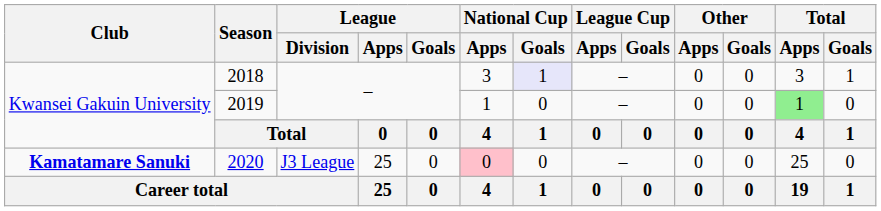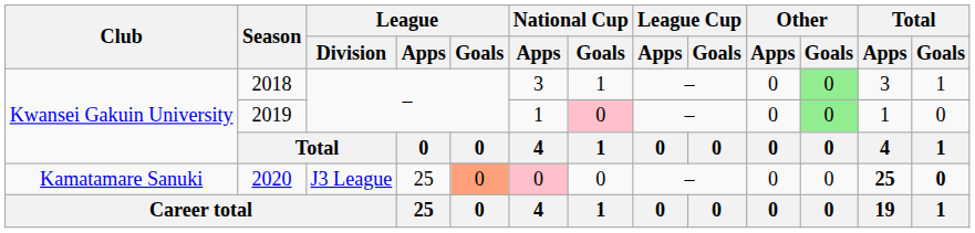 <table class="wikitable" style="text-align: center">
 <tr>
 <th rowspan="2">Club</th>
 <th rowspan="2">Season</th>
 <th colspan="3">League</th>
 <th colspan="2">National Cup</th>
 <th colspan="2">League Cup</th>
 <th colspan="2">Other</th>
 <th colspan="2">Total</th>
 </tr>
 <tr>
 <th>Division</th>
 <th>Apps</th>
 <th>Goals</th>
 <th>Apps</th>
 <th>Goals</th>
 <th>Apps</th>
 <th>Goals</th>
 <th>Apps</th>
 <th>Goals</th>
 <th>Apps</th>
 <th>Goals</th>
 </tr>
 <tr>
 <td rowspan="3"><a href='#'>Kwansei Gakuin University</a></td>
 <td>2018</td>
 <td colspan="3" rowspan="2">–</td>
 <td>3</td>
-<td style="background: lavender;">1</td>
+<td>1</td>
 <td colspan="2">–</td>
 <td>0</td>
-<td>0</td>
+<td style="background: lightgreen;">0</td>
 <td>3</td>
 <td>1</td>
 </tr>
 <tr>
 <td>2019</td>
 <td>1</td>
-<td>0</td>
+<td style="background: pink;">0</td>
 <td colspan="2">–</td>
 <td>0</td>
-<td>0</td>
-<td style="background: lightgreen;">1</td>
+<td style="background: lightgreen;">0</td>
+<td>1</td>
 <td>0</td>
 </tr>
 <tr>
 <th colspan=2>Total</th>
 <th>0</th>
 <th>0</th>
 <th>4</th>
 <th>1</th>
 <th>0</th>
 <th>0</th>
 <th>0</th>
 <th>0</th>
 <th>4</th>
 <th>1</th>
 </tr>
 <tr>
-<td><strong><a href='#'>Kamatamare Sanuki</a></strong></td>
+<td><a href='#'>Kamatamare Sanuki</a></td>
 <td><a href='#'>2020</a></td>
 <td><a href='#'>J3 League</a></td>
 <td>25</td>
-<td>0</td>
+<td style="background: lightsalmon;">0</td>
 <td style="background: pink;">0</td>
 <td>0</td>
 <td colspan="2">–</td>
 <td>0</td>
 <td>0</td>
-<td>25</td>
-<td>0</td>
+<td><strong>25</strong></td>
+<td><strong>0</strong></td>
 </tr>
 <tr>
 <th colspan=3>Career total</th>
 <th>25</th>
 <th>0</th>
 <th>4</th>
 <th>1</th>
 <th>0</th>
 <th>0</th>
 <th>0</th>
 <th>0</th>
 <th>19</th>
 <th>1</th>
 </tr>
 </table>
